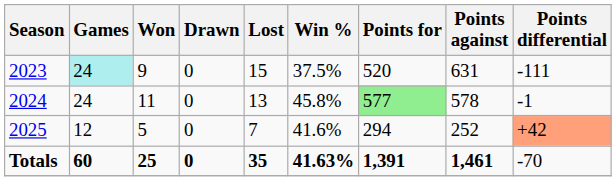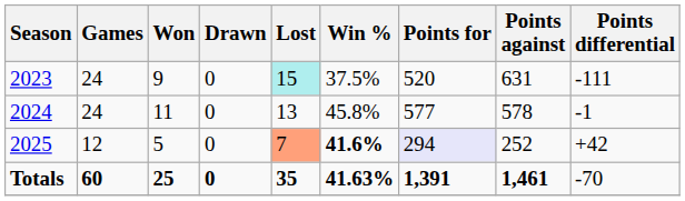 <table class="wikitable">
 <tr>
 <th>Season</th>
 <th>Games</th>
 <th>Won</th>
 <th>Drawn</th>
 <th>Lost</th>
 <th>Win %</th>
 <th>Points for</th>
 <th>Points<br>against</th>
 <th>Points<br>differential</th>
 </tr>
 <tr>
 <td><a href='#'>2023</a></td>
-<td style="background: paleturquoise;">24</td>
+<td>24</td>
 <td>9</td>
 <td>0</td>
-<td>15</td>
+<td style="background: paleturquoise;">15</td>
 <td>37.5%</td>
 <td>520</td>
 <td>631</td>
 <td>-111</td>
 </tr>
 <tr>
 <td><a href='#'>2024</a></td>
 <td>24</td>
 <td>11</td>
 <td>0</td>
 <td>13</td>
 <td>45.8%</td>
-<td style="background: lightgreen;">577</td>
+<td>577</td>
 <td>578</td>
 <td>-1</td>
 </tr>
 <tr>
 <td><a href='#'>2025</a></td>
 <td>12</td>
 <td>5</td>
 <td>0</td>
-<td>7</td>
-<td>41.6%</td>
-<td>294</td>
+<td style="background: lightsalmon;">7</td>
+<td><strong>41.6%</strong></td>
+<td style="background: lavender;">294</td>
 <td>252</td>
-<td style="background: lightsalmon;">+42</td>
+<td>+42</td>
 </tr>
 <tr>
 <td><strong>Totals</strong></td>
 <td><strong>60</strong></td>
 <td><strong>25</strong></td>
 <td><strong>0</strong></td>
 <td><strong>35</strong></td>
 <td><strong>41.63%</strong></td>
 <td><strong>1,391</strong></td>
 <td><strong>1,461</strong></td>
 <td>-70</td>
 </tr>
 <tr 70>
 </tr>
 </table>
